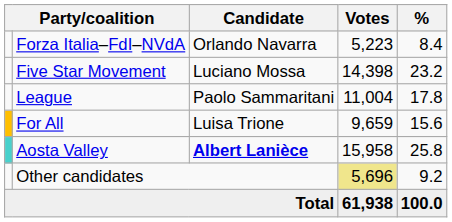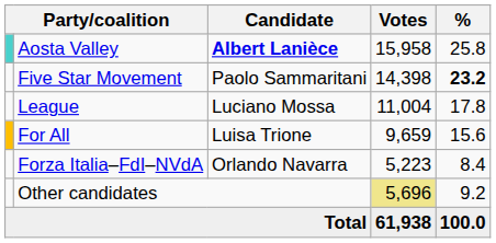 <table class="wikitable" style="font-size:95%">
 <tr>
 <th colspan=2>Party/coalition</th>
 <th>Candidate</th>
 <th align=right>Votes</th>
 <th align=right>%</th>
 </tr>
 <tr>
-<td></td>
-<td><a href='#'>Forza Italia</a>–<a href='#'>FdI</a>–<a href='#'>NVdA</a></td>
-<td>Orlando Navarra</td>
-<td align=right>5,223</td>
-<td align=right>8.4</td>
+<td bgcolor="48D1CC"></td>
+<td><a href='#'>Aosta Valley</a></td>
+<td><strong><a href='#'>Albert Lanièce</a></strong></td>
+<td align=right>15,958</td>
+<td align=right>25.8</td>
 </tr>
 <tr>
 <td></td>
 <td><a href='#'>Five Star Movement</a></td>
-<td>Luciano Mossa</td>
+<td>Paolo Sammaritani</td>
 <td align=right>14,398</td>
-<td align=right>23.2</td>
+<td align=right><strong>23.2</strong></td>
 </tr>
 <tr>
 <td></td>
 <td><a href='#'>League</a></td>
-<td>Paolo Sammaritani</td>
+<td>Luciano Mossa</td>
 <td align=right>11,004</td>
 <td align=right>17.8</td>
 </tr>
 <tr>
 <td bgcolor="FFBF00"></td>
 <td><a href='#'>For All</a></td>
 <td>Luisa Trione</td>
 <td align=right>9,659</td>
 <td align=right>15.6</td>
 </tr>
 <tr>
-<td bgcolor="48D1CC"></td>
-<td><a href='#'>Aosta Valley</a></td>
-<td><strong><a href='#'>Albert Lanièce</a></strong></td>
-<td align=right>15,958</td>
-<td align=right>25.8</td>
+<td></td>
+<td><a href='#'>Forza Italia</a>–<a href='#'>FdI</a>–<a href='#'>NVdA</a></td>
+<td>Orlando Navarra</td>
+<td align=right>5,223</td>
+<td align=right>8.4</td>
 </tr>
 <tr>
 <td></td>
 <td colspan=2>Other candidates</td>
 <td align=right style="background: khaki;">5,696</td>
 <td align=right>9.2</td>
 </tr>
 <tr bgcolor="EFEFEF">
 <td colspan=3 align=right><strong>Total</strong></td>
 <td align=right><strong>61,938</strong></td>
 <td align=right><strong>100.0</strong></td>
 </tr>
 </table>
